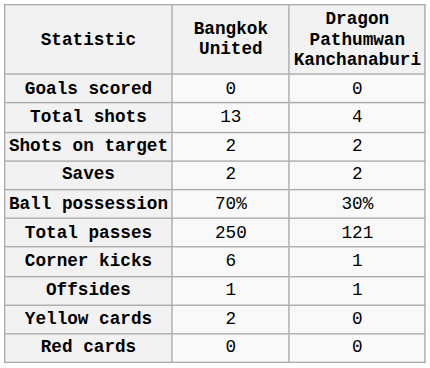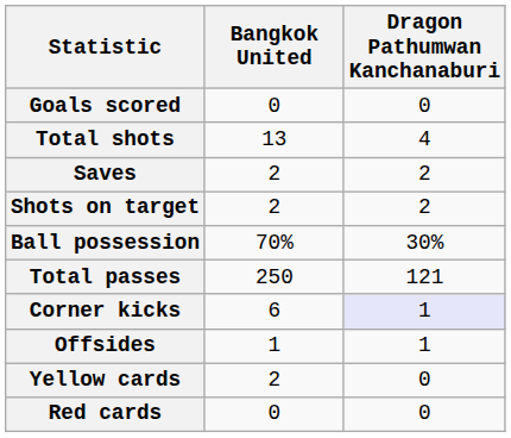 <table class="wikitable plainrowheaders" style="text-align:center">
 <tr>
 <th scope="col">Statistic</th>
 <th scope="col" style="width:80px">Bangkok United</th>
 <th scope="col" style="width:80px">Dragon Pathumwan Kanchanaburi</th>
 </tr>
 <tr>
 <th scope=row>Goals scored</th>
 <td>0</td>
 <td>0</td>
 </tr>
 <tr>
 <th scope=row>Total shots</th>
 <td>13</td>
 <td>4</td>
 </tr>
 <tr>
-<th scope=row>Shots on target</th>
+<th scope=row>Saves</th>
 <td>2</td>
 <td>2</td>
 </tr>
 <tr>
-<th scope=row>Saves</th>
+<th scope=row>Shots on target</th>
 <td>2</td>
 <td>2</td>
 </tr>
 <tr>
 <th scope=row>Ball possession</th>
 <td>70%</td>
 <td>30%</td>
 </tr>
 <tr>
 <th scope=row>Total passes</th>
 <td>250</td>
 <td>121</td>
 </tr>
 <tr>
 <th scope=row>Corner kicks</th>
 <td>6</td>
-<td>1</td>
+<td style="background: lavender;">1</td>
 </tr>
 <tr>
 <th scope=row>Offsides</th>
 <td>1</td>
 <td>1</td>
 </tr>
 <tr>
 <th scope=row>Yellow cards</th>
 <td>2</td>
 <td>0</td>
 </tr>
 <tr>
 <th scope=row>Red cards</th>
 <td>0</td>
 <td>0</td>
 </tr>
 </table>
